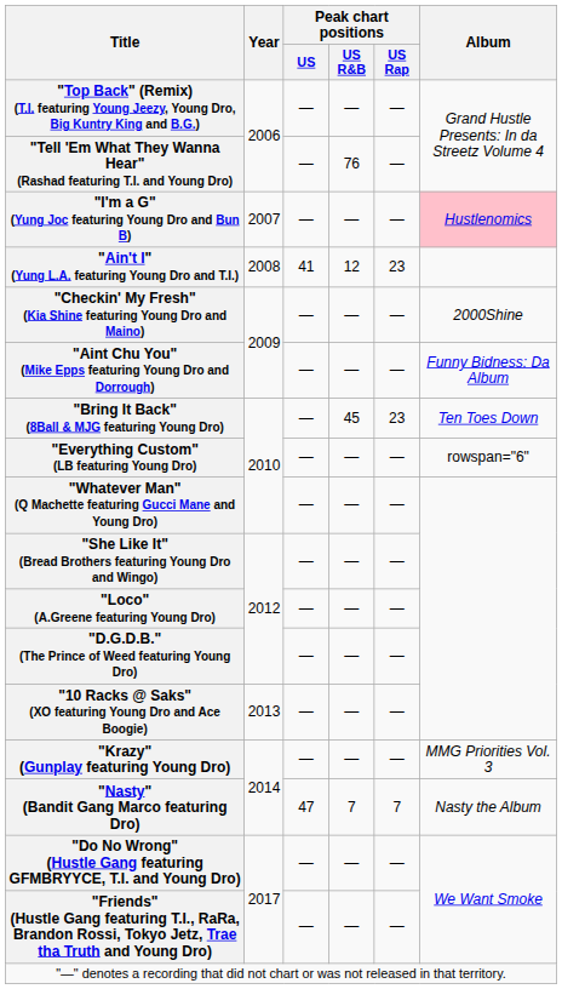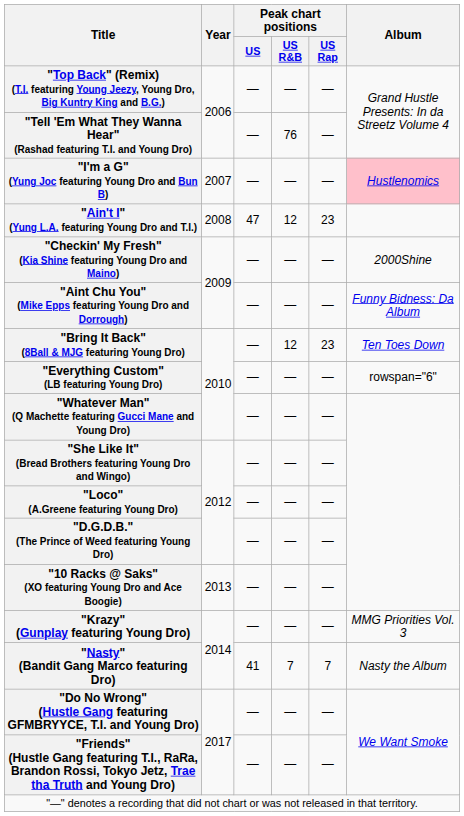 <table class="wikitable plainrowheaders" style="text-align:center">
 <tr>
 <th scope="col" rowspan="2" style="width:16em;">Title</th>
 <th scope="col" rowspan="2">Year</th>
 <th scope="col" colspan="3">Peak chart positions</th>
 <th scope="col" rowspan="2">Album</th>
 </tr>
 <tr>
 <th scope="col" style="width:3em;font-size:90%;"><a href='#'>US</a><br></th>
 <th scope="col" style="width:3em;font-size:90%;"><a href='#'>US<br>R&B</a><br></th>
 <th scope="col" style="width:3em;font-size:90%;"><a href='#'>US<br>Rap</a><br></th>
 </tr>
 <tr>
 <th scope="row">"<a href='#'>Top Back</a>" (Remix)<br><small>(<a href='#'>T.I.</a> featuring <a href='#'>Young Jeezy</a>, Young Dro, <a href='#'>Big Kuntry King</a> and <a href='#'>B.G.</a>)</small></th>
 <td rowspan="2">2006</td>
 <td>—</td>
 <td>—</td>
 <td>—</td>
 <td rowspan="2"><em>Grand Hustle Presents: In da Streetz Volume 4</em></td>
 </tr>
 <tr>
 <th scope="row">"Tell 'Em What They Wanna Hear"<br><small>(Rashad featuring T.I. and Young Dro)</small></th>
 <td>—</td>
 <td>76</td>
 <td>—</td>
 </tr>
 <tr>
 <th scope="row">"I'm a G"<br><small>(<a href='#'>Yung Joc</a> featuring Young Dro and <a href='#'>Bun B</a>)</small></th>
 <td>2007</td>
 <td>—</td>
 <td>—</td>
 <td>—</td>
 <td style="background: pink;"><em><a href='#'>Hustlenomics</a></em></td>
 </tr>
 <tr>
 <th scope="row">"<a href='#'>Ain't I</a>"<br><small>(<a href='#'>Yung L.A.</a> featuring Young Dro and T.I.)</small></th>
 <td>2008</td>
-<td>41</td>
+<td>47</td>
 <td>12</td>
 <td>23</td>
 <td></td>
 </tr>
 <tr>
 <th scope="row">"Checkin' My Fresh"<br><small>(<a href='#'>Kia Shine</a> featuring Young Dro and <a href='#'>Maino</a>)</small></th>
 <td rowspan="2">2009</td>
 <td>—</td>
 <td>—</td>
 <td>—</td>
 <td><em>2000Shine</em></td>
 </tr>
 <tr>
 <th scope="row">"Aint Chu You"<br><small>(<a href='#'>Mike Epps</a> featuring Young Dro and <a href='#'>Dorrough</a>)</small></th>
 <td>—</td>
 <td>—</td>
 <td>—</td>
 <td><em><a href='#'>Funny Bidness: Da Album</a></em></td>
 </tr>
 <tr>
 <th scope="row">"Bring It Back"<br><small>(<a href='#'>8Ball & MJG</a> featuring Young Dro)</small></th>
 <td rowspan="3">2010</td>
 <td>—</td>
-<td>45</td>
+<td>12</td>
 <td>23</td>
 <td><em><a href='#'>Ten Toes Down</a></em></td>
 </tr>
 <tr>
 <th scope="row">"Everything Custom"<br><small>(LB featuring Young Dro)</small></th>
 <td>—</td>
 <td>—</td>
 <td>—</td>
 <td>rowspan="6" </td>
 </tr>
 <tr>
 <th scope="row">"Whatever Man"<br><small>(Q Machette featuring <a href='#'>Gucci Mane</a> and Young Dro)</small></th>
 <td>—</td>
 <td>—</td>
 <td>—</td>
 </tr>
 <tr>
 <th scope="row">"She Like It"<br><small>(Bread Brothers featuring Young Dro and Wingo)</small></th>
 <td rowspan="3">2012</td>
 <td>—</td>
 <td>—</td>
 <td>—</td>
 </tr>
 <tr>
 <th scope="row">"Loco"<br><small>(A.Greene featuring Young Dro)</small></th>
 <td>—</td>
 <td>—</td>
 <td>—</td>
 </tr>
 <tr>
 <th scope="row">"D.G.D.B."<br><small>(The Prince of Weed featuring Young Dro)</small></th>
 <td>—</td>
 <td>—</td>
 <td>—</td>
 </tr>
 <tr>
 <th scope="row">"10 Racks @ Saks"<br><small>(XO featuring Young Dro and Ace Boogie)</small></th>
 <td>2013</td>
 <td>—</td>
 <td>—</td>
 <td>—</td>
 </tr>
 <tr>
 <th scope="row">"Krazy"<br><span>(<a href='#'>Gunplay</a> featuring Young Dro)</span></th>
 <td rowspan="2">2014</td>
 <td>—</td>
 <td>—</td>
 <td>—</td>
 <td><em>MMG Priorities Vol. 3</em></td>
 </tr>
 <tr>
 <th scope="row">"<a href='#'>Nasty</a>"<br><span>(Bandit Gang Marco featuring Dro)</span></th>
-<td>47</td>
+<td>41</td>
 <td>7</td>
 <td>7</td>
 <td><em>Nasty the Album</em></td>
 </tr>
 <tr>
 <th scope="row">"Do No Wrong"<br><span>(<a href='#'>Hustle Gang</a> featuring GFMBRYYCE, T.I. and Young Dro)</span></th>
 <td rowspan="2">2017</td>
 <td>—</td>
 <td>—</td>
 <td>—</td>
 <td rowspan="2"><em><a href='#'>We Want Smoke</a></em></td>
 </tr>
 <tr>
 <th scope="row">"Friends"<br><span>(Hustle Gang featuring T.I., RaRa, Brandon Rossi, Tokyo Jetz, <a href='#'>Trae tha Truth</a> and Young Dro)</span></th>
 <td>—</td>
 <td>—</td>
 <td>—</td>
 </tr>
 <tr>
 <td colspan="10" style="font-size:90%">"—" denotes a recording that did not chart or was not released in that territory.</td>
 </tr>
 </table>
